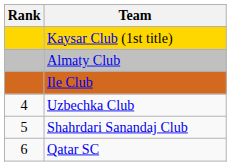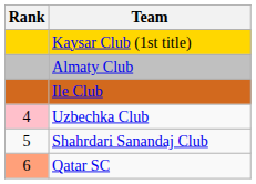 <table class=wikitable style="text-align:center;">
 <tr>
 <th>Rank</th>
 <th width=200>Team</th>
 </tr>
 <tr bgcolor=FFD700>
 <td></td>
 <td align=left> <a href='#'>Kaysar Club</a> (1st title)</td>
 </tr>
 <tr bgcolor=C0C0C0>
 <td></td>
 <td align=left> <a href='#'>Almaty Club</a></td>
 </tr>
 <tr bgcolor=D2691E>
 <td></td>
 <td align=left> <a href='#'>Ile Club</a></td>
 </tr>
 <tr>
-<td>4</td>
+<td style="background: pink;">4</td>
 <td align=left> <a href='#'>Uzbechka Club</a></td>
 </tr>
 <tr>
 <td>5</td>
 <td align=left> <a href='#'>Shahrdari Sanandaj Club</a></td>
 </tr>
 <tr>
-<td>6</td>
+<td style="background: lightsalmon;">6</td>
 <td align=left> <a href='#'>Qatar SC</a></td>
 </tr>
 </table>
